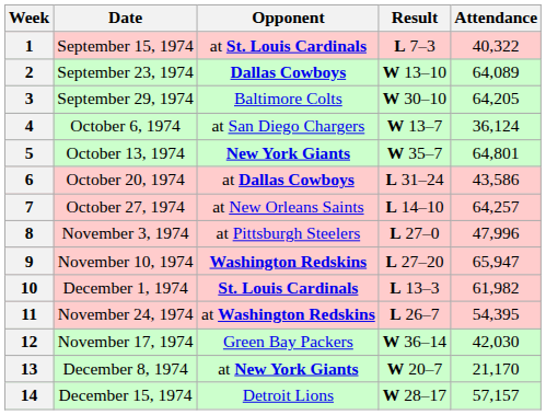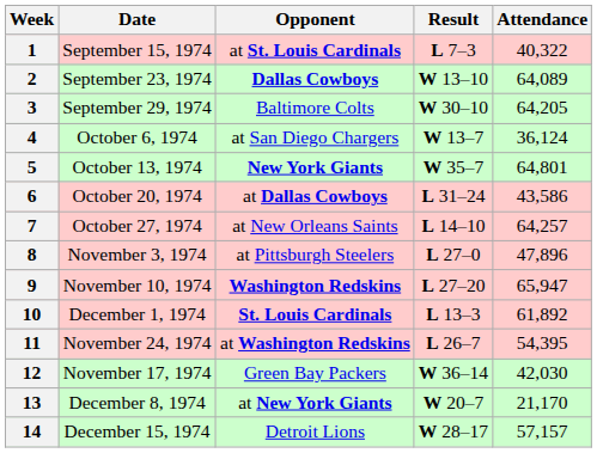 <table class="wikitable" style="text-align:center">
 <tr>
 <th>Week</th>
 <th>Date</th>
 <th>Opponent</th>
 <th>Result</th>
 <th>Attendance</th>
 </tr>
 <tr style="background: #fcc">
 <th>1</th>
 <td>September 15, 1974</td>
 <td>at <strong><a href='#'>St. Louis Cardinals</a></strong></td>
 <td><strong>L</strong> 7–3</td>
 <td>40,322</td>
 </tr>
 <tr style="background: #cfc">
 <th>2</th>
 <td>September 23, 1974</td>
 <td><strong><a href='#'>Dallas Cowboys</a></strong></td>
 <td><strong>W</strong> 13–10</td>
 <td>64,089</td>
 </tr>
 <tr style="background: #cfc">
 <th>3</th>
 <td>September 29, 1974</td>
 <td><a href='#'>Baltimore Colts</a></td>
 <td><strong>W</strong> 30–10</td>
 <td>64,205</td>
 </tr>
 <tr style="background: #cfc">
 <th>4</th>
 <td>October 6, 1974</td>
 <td>at <a href='#'>San Diego Chargers</a></td>
 <td><strong>W</strong> 13–7</td>
 <td>36,124</td>
 </tr>
 <tr style="background: #cfc">
 <th>5</th>
 <td>October 13, 1974</td>
 <td><strong><a href='#'>New York Giants</a></strong></td>
 <td><strong>W</strong> 35–7</td>
 <td>64,801</td>
 </tr>
 <tr style="background: #fcc">
 <th>6</th>
 <td>October 20, 1974</td>
 <td>at <strong><a href='#'>Dallas Cowboys</a></strong></td>
 <td><strong>L</strong> 31–24</td>
 <td>43,586</td>
 </tr>
 <tr style="background: #fcc">
 <th>7</th>
 <td>October 27, 1974</td>
 <td>at <a href='#'>New Orleans Saints</a></td>
 <td><strong>L</strong> 14–10</td>
 <td>64,257</td>
 </tr>
 <tr style="background: #fcc">
 <th>8</th>
 <td>November 3, 1974</td>
 <td>at <a href='#'>Pittsburgh Steelers</a></td>
 <td><strong>L</strong> 27–0</td>
-<td>47,996</td>
+<td>47,896</td>
 </tr>
 <tr style="background: #fcc">
 <th>9</th>
 <td>November 10, 1974</td>
 <td><strong><a href='#'>Washington Redskins</a></strong></td>
 <td><strong>L</strong> 27–20</td>
 <td>65,947</td>
 </tr>
 <tr style="background: #fcc">
 <th>10</th>
 <td>December 1, 1974</td>
 <td><strong><a href='#'>St. Louis Cardinals</a></strong></td>
 <td><strong>L</strong> 13–3</td>
-<td>61,982</td>
+<td>61,892</td>
 </tr>
 <tr style="background: #fcc">
 <th>11</th>
 <td>November 24, 1974</td>
 <td>at <strong><a href='#'>Washington Redskins</a></strong></td>
 <td><strong>L</strong> 26–7</td>
 <td>54,395</td>
 </tr>
 <tr style="background: #cfc">
 <th>12</th>
 <td>November 17, 1974</td>
 <td><a href='#'>Green Bay Packers</a></td>
 <td><strong>W</strong> 36–14</td>
 <td>42,030</td>
 </tr>
 <tr style="background: #cfc">
 <th>13</th>
 <td>December 8, 1974</td>
 <td>at <strong><a href='#'>New York Giants</a></strong></td>
 <td><strong>W</strong> 20–7</td>
 <td>21,170</td>
 </tr>
 <tr style="background: #cfc">
 <th>14</th>
 <td>December 15, 1974</td>
 <td><a href='#'>Detroit Lions</a></td>
 <td><strong>W</strong> 28–17</td>
 <td>57,157</td>
 </tr>
 </table>
